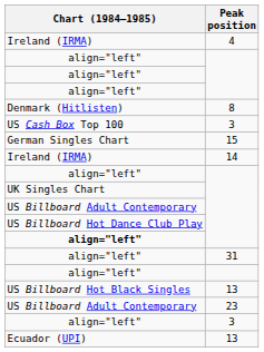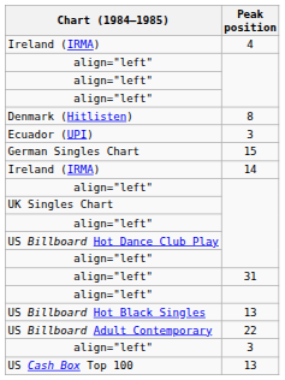 <table class="wikitable sortable" style="text-align:center;">
 <tr>
 <th style="text-align:center;">Chart (1984–1985)</th>
 <th style="text-align:center;">Peak<br>position</th>
 </tr>
 <tr>
 <td align="left">Ireland (<a href='#'>IRMA</a>)</td>
 <td style="text-align:center;">4</td>
 </tr>
 <tr>
 <td>align="left"</td>
 </tr>
 <tr>
 <td>align="left"</td>
 </tr>
 <tr>
 <td>align="left"</td>
 </tr>
 <tr>
 <td align="left">Denmark (<a href='#'>Hitlisten</a>)</td>
 <td style="text-align:center;">8</td>
 </tr>
 <tr>
-<td align="left">US <a href='#'><em>Cash Box</em></a> Top 100</td>
+<td align="left">Ecuador (<a href='#'>UPI</a>)</td>
 <td align="center">3</td>
 </tr>
 <tr>
 <td align="left">German Singles Chart</td>
 <td style="text-align:center;">15</td>
 </tr>
 <tr>
 <td align="left">Ireland (<a href='#'>IRMA</a>)</td>
 <td style="text-align:center;">14</td>
 </tr>
 <tr>
 <td>align="left"</td>
 </tr>
 <tr>
 <td align="left">UK Singles Chart</td>
 </tr>
 <tr>
-<td align="left">US <em>Billboard</em> <a href='#'>Adult Contemporary</a></td>
+<td>align="left"</td>
 </tr>
 <tr>
 <td align="left">US <em>Billboard</em> <a href='#'>Hot Dance Club Play</a></td>
 </tr>
 <tr>
-<td><strong>align="left"</strong></td>
+<td>align="left"</td>
 </tr>
 <tr>
 <td>align="left"</td>
 <td style="text-align:center;">31</td>
 </tr>
 <tr>
 <td>align="left"</td>
 </tr>
 <tr>
 <td align="left">US <em>Billboard</em> <a href='#'>Hot Black Singles</a></td>
 <td style="text-align:center;">13</td>
 </tr>
 <tr>
 <td align="left">US <em>Billboard</em> <a href='#'>Adult Contemporary</a></td>
-<td style="text-align:center;">23</td>
+<td style="text-align:center;">22</td>
 </tr>
 <tr>
 <td>align="left"</td>
 <td style="text-align:center;">3</td>
 </tr>
 <tr>
-<td align="left">Ecuador (<a href='#'>UPI</a>)</td>
+<td align="left">US <a href='#'><em>Cash Box</em></a> Top 100</td>
 <td align="center">13</td>
 </tr>
 </table>
